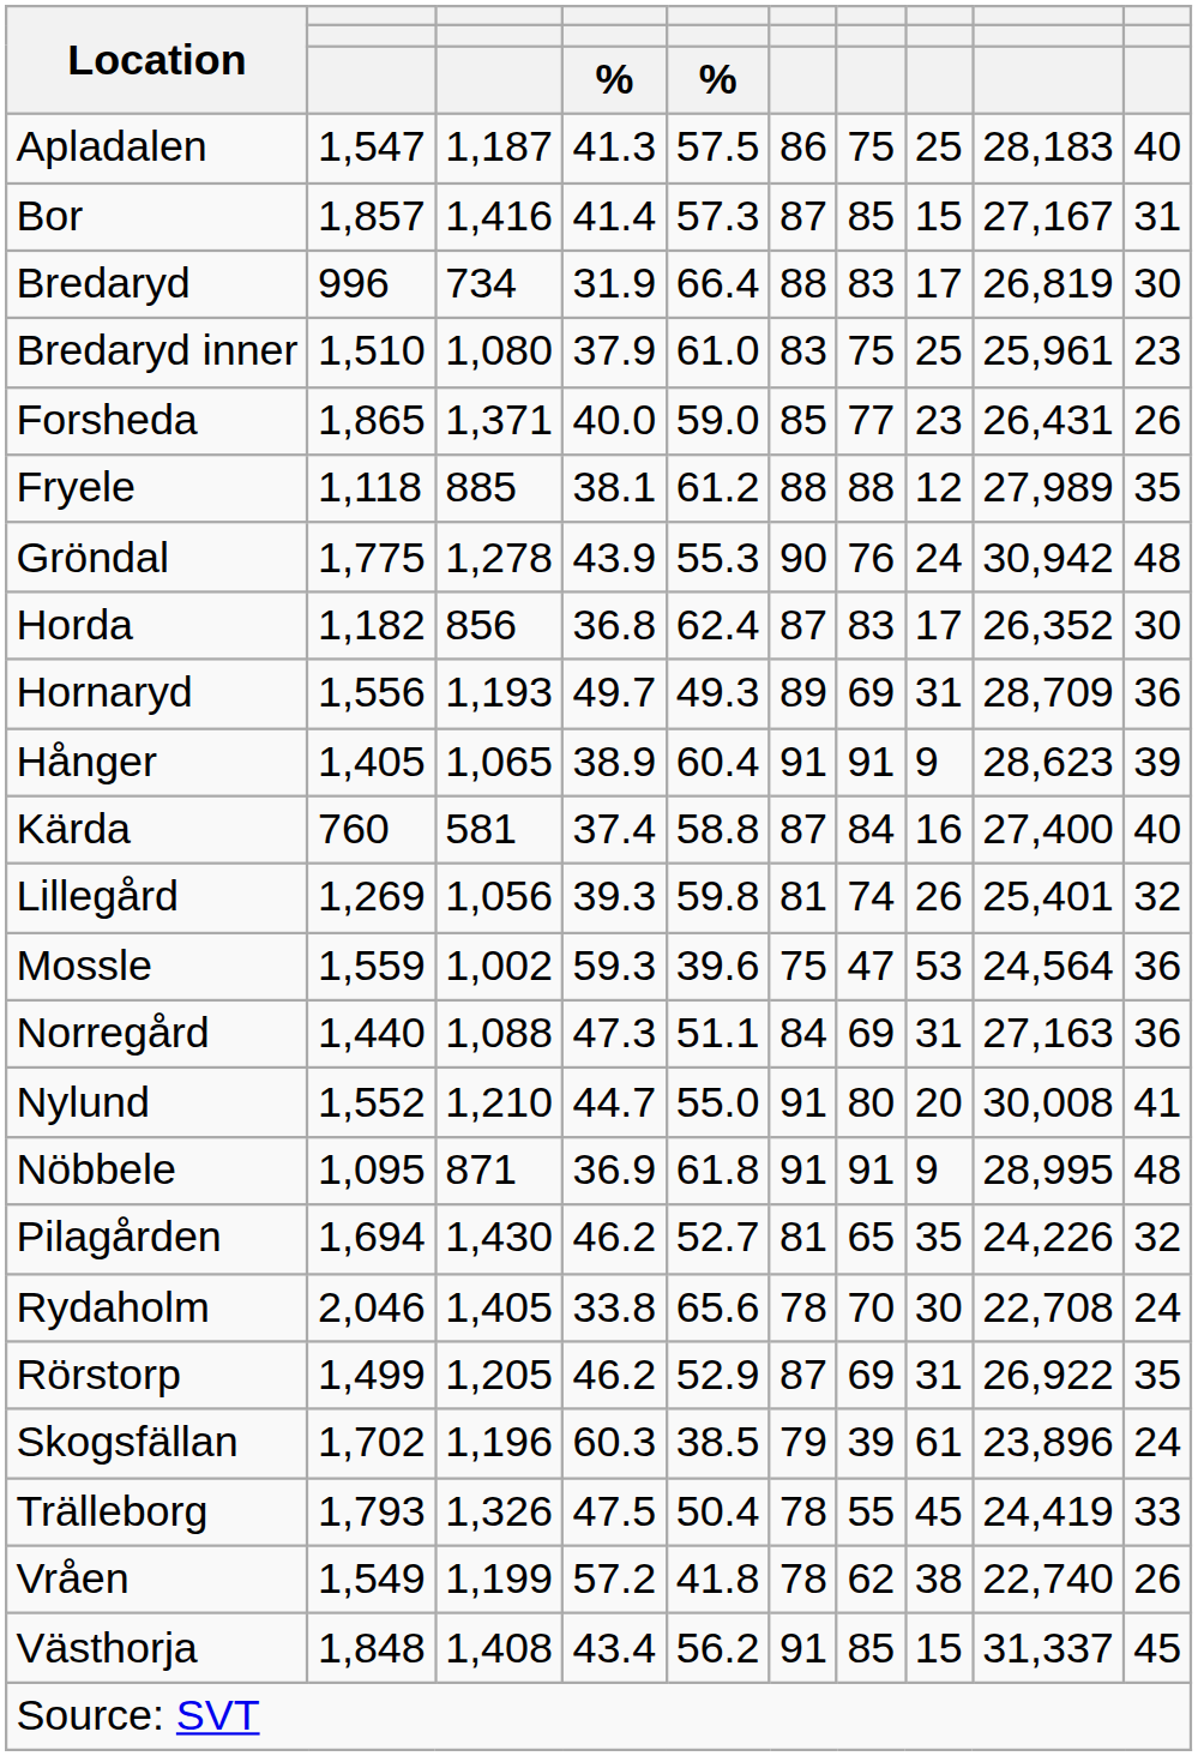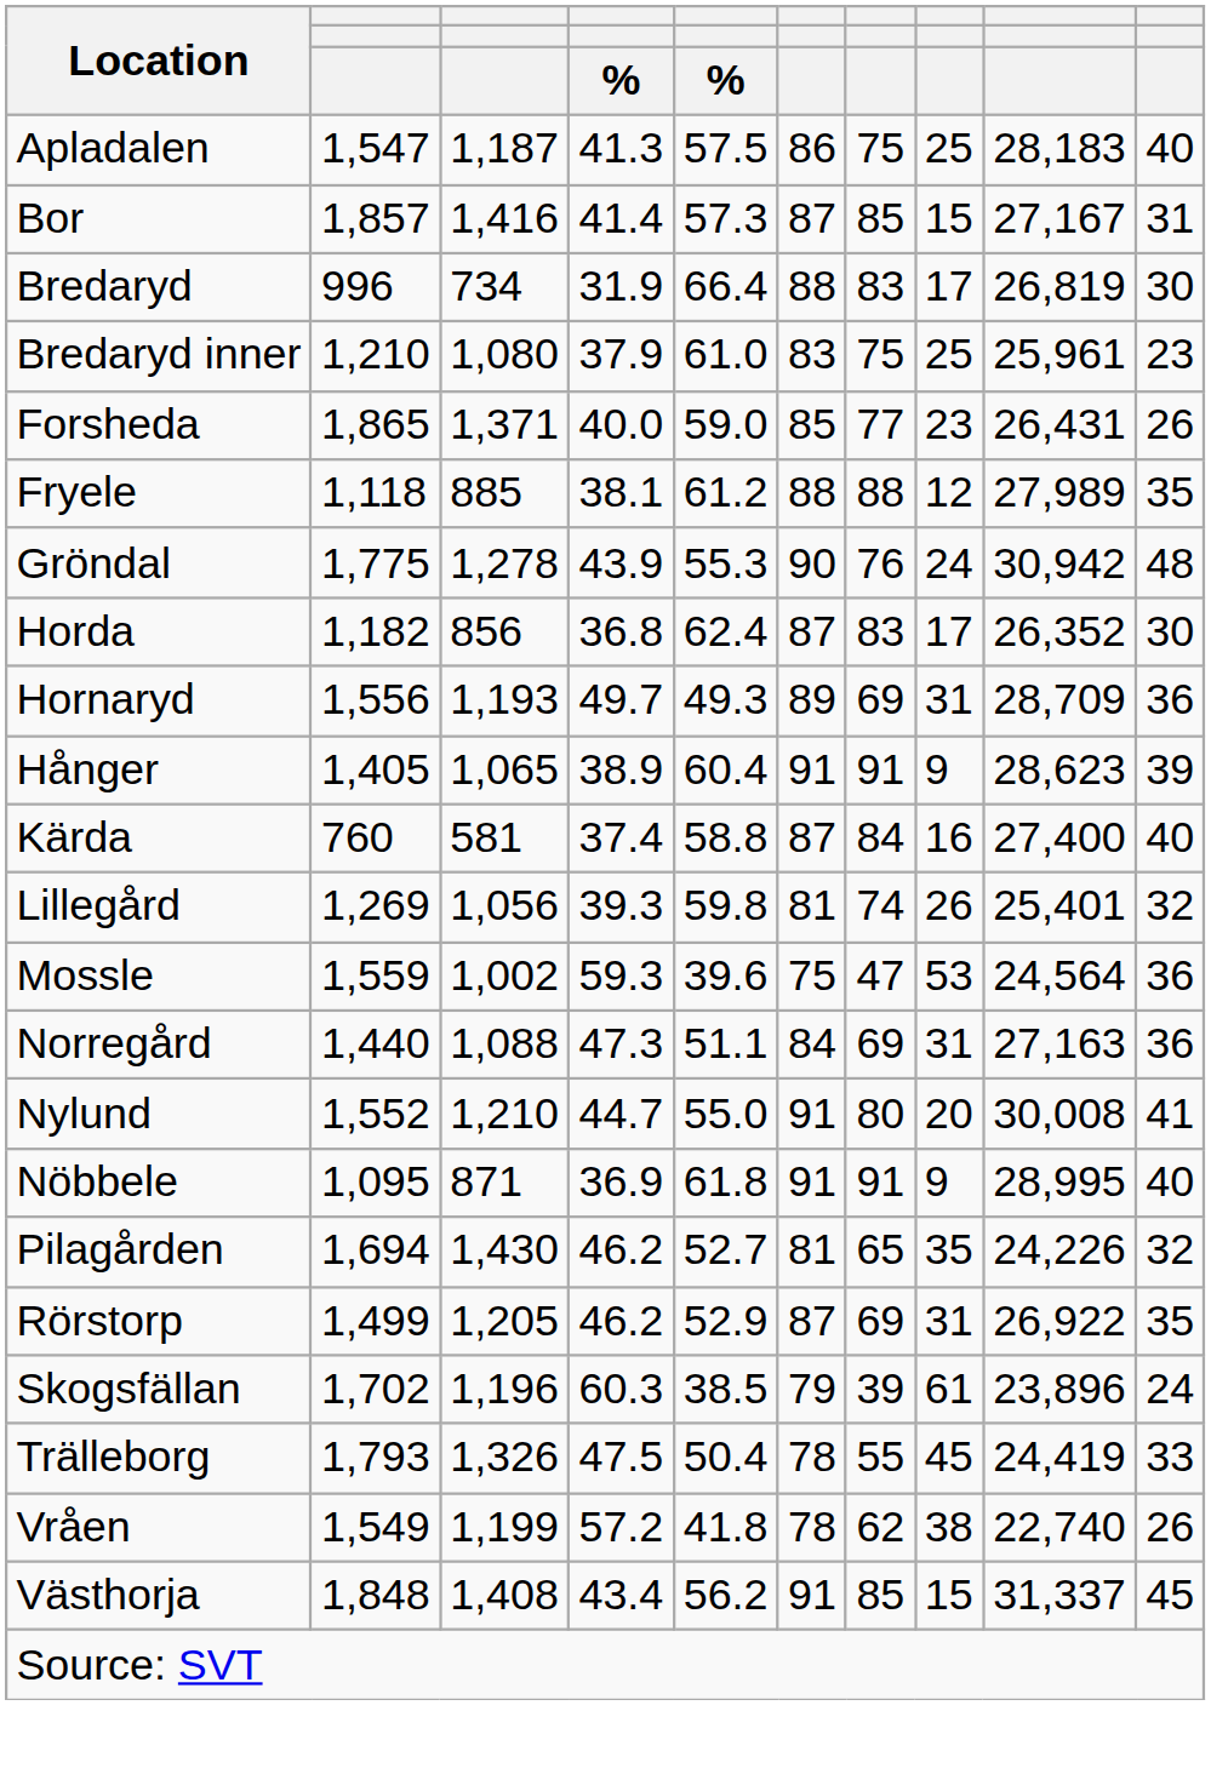 <table role="presentation" class="wikitable sortable mw-collapsible mw-collapsed">
 <tr>
 <th rowspan="3">Location</th>
 <th></th>
 <th></th>
 <th></th>
 <th></th>
 <th></th>
 <th></th>
 <th></th>
 <th></th>
 <th></th>
 </tr>
 <tr>
 <th></th>
 <th></th>
 <th style="background:"></th>
 <th style="background:"></th>
 <th></th>
 <th></th>
 <th></th>
 <th></th>
 <th></th>
 </tr>
 <tr>
 <th data-sort-type="number"></th>
 <th data-sort-type="number"></th>
 <th data-sort-type="number">%</th>
 <th data-sort-type="number">%</th>
 <th data-sort-type="number"></th>
 <th data-sort-type="number"></th>
 <th data-sort-type="number"></th>
 <th data-sort-type="number"></th>
 <th data-sort-type="number"></th>
 </tr>
 <tr>
 <td align="left">Apladalen</td>
 <td>1,547</td>
 <td>1,187</td>
 <td>41.3</td>
 <td>57.5</td>
 <td>86</td>
 <td>75</td>
 <td>25</td>
 <td>28,183</td>
 <td>40</td>
 </tr>
 <tr>
 <td align="left">Bor</td>
 <td>1,857</td>
 <td>1,416</td>
 <td>41.4</td>
 <td>57.3</td>
 <td>87</td>
 <td>85</td>
 <td>15</td>
 <td>27,167</td>
 <td>31</td>
 </tr>
 <tr>
 <td align="left">Bredaryd</td>
 <td>996</td>
 <td>734</td>
 <td>31.9</td>
 <td>66.4</td>
 <td>88</td>
 <td>83</td>
 <td>17</td>
 <td>26,819</td>
 <td>30</td>
 </tr>
 <tr>
 <td align="left">Bredaryd inner</td>
-<td>1,510</td>
+<td>1,210</td>
 <td>1,080</td>
 <td>37.9</td>
 <td>61.0</td>
 <td>83</td>
 <td>75</td>
 <td>25</td>
 <td>25,961</td>
 <td>23</td>
 </tr>
 <tr>
 <td align="left">Forsheda</td>
 <td>1,865</td>
 <td>1,371</td>
 <td>40.0</td>
 <td>59.0</td>
 <td>85</td>
 <td>77</td>
 <td>23</td>
 <td>26,431</td>
 <td>26</td>
 </tr>
 <tr>
 <td align="left">Fryele</td>
 <td>1,118</td>
 <td>885</td>
 <td>38.1</td>
 <td>61.2</td>
 <td>88</td>
 <td>88</td>
 <td>12</td>
 <td>27,989</td>
 <td>35</td>
 </tr>
 <tr>
 <td align="left">Gröndal</td>
 <td>1,775</td>
 <td>1,278</td>
 <td>43.9</td>
 <td>55.3</td>
 <td>90</td>
 <td>76</td>
 <td>24</td>
 <td>30,942</td>
 <td>48</td>
 </tr>
 <tr>
 <td align="left">Horda</td>
 <td>1,182</td>
 <td>856</td>
 <td>36.8</td>
 <td>62.4</td>
 <td>87</td>
 <td>83</td>
 <td>17</td>
 <td>26,352</td>
 <td>30</td>
 </tr>
 <tr>
 <td align="left">Hornaryd</td>
 <td>1,556</td>
 <td>1,193</td>
 <td>49.7</td>
 <td>49.3</td>
 <td>89</td>
 <td>69</td>
 <td>31</td>
 <td>28,709</td>
 <td>36</td>
 </tr>
 <tr>
 <td align="left">Hånger</td>
 <td>1,405</td>
 <td>1,065</td>
 <td>38.9</td>
 <td>60.4</td>
 <td>91</td>
 <td>91</td>
 <td>9</td>
 <td>28,623</td>
 <td>39</td>
 </tr>
 <tr>
 <td align="left">Kärda</td>
 <td>760</td>
 <td>581</td>
 <td>37.4</td>
 <td>58.8</td>
 <td>87</td>
 <td>84</td>
 <td>16</td>
 <td>27,400</td>
 <td>40</td>
 </tr>
 <tr>
 <td align="left">Lillegård</td>
 <td>1,269</td>
 <td>1,056</td>
 <td>39.3</td>
 <td>59.8</td>
 <td>81</td>
 <td>74</td>
 <td>26</td>
 <td>25,401</td>
 <td>32</td>
 </tr>
 <tr>
 <td align="left">Mossle</td>
 <td>1,559</td>
 <td>1,002</td>
 <td>59.3</td>
 <td>39.6</td>
 <td>75</td>
 <td>47</td>
 <td>53</td>
 <td>24,564</td>
 <td>36</td>
 </tr>
 <tr>
 <td align="left">Norregård</td>
 <td>1,440</td>
 <td>1,088</td>
 <td>47.3</td>
 <td>51.1</td>
 <td>84</td>
 <td>69</td>
 <td>31</td>
 <td>27,163</td>
 <td>36</td>
 </tr>
 <tr>
 <td align="left">Nylund</td>
 <td>1,552</td>
 <td>1,210</td>
 <td>44.7</td>
 <td>55.0</td>
 <td>91</td>
 <td>80</td>
 <td>20</td>
 <td>30,008</td>
 <td>41</td>
 </tr>
 <tr>
 <td align="left">Nöbbele</td>
 <td>1,095</td>
 <td>871</td>
 <td>36.9</td>
 <td>61.8</td>
 <td>91</td>
 <td>91</td>
 <td>9</td>
 <td>28,995</td>
-<td>48</td>
+<td>40</td>
 </tr>
 <tr>
 <td align="left">Pilagården</td>
 <td>1,694</td>
 <td>1,430</td>
 <td>46.2</td>
 <td>52.7</td>
 <td>81</td>
 <td>65</td>
 <td>35</td>
 <td>24,226</td>
 <td>32</td>
-</tr>
-<tr>
-<td align="left">Rydaholm</td>
-<td>2,046</td>
-<td>1,405</td>
-<td>33.8</td>
-<td>65.6</td>
-<td>78</td>
-<td>70</td>
-<td>30</td>
-<td>22,708</td>
-<td>24</td>
 </tr>
 <tr>
 <td align="left">Rörstorp</td>
 <td>1,499</td>
 <td>1,205</td>
 <td>46.2</td>
 <td>52.9</td>
 <td>87</td>
 <td>69</td>
 <td>31</td>
 <td>26,922</td>
 <td>35</td>
 </tr>
 <tr>
 <td align="left">Skogsfällan</td>
 <td>1,702</td>
 <td>1,196</td>
 <td>60.3</td>
 <td>38.5</td>
 <td>79</td>
 <td>39</td>
 <td>61</td>
 <td>23,896</td>
 <td>24</td>
 </tr>
 <tr>
 <td align="left">Trälleborg</td>
 <td>1,793</td>
 <td>1,326</td>
 <td>47.5</td>
 <td>50.4</td>
 <td>78</td>
 <td>55</td>
 <td>45</td>
 <td>24,419</td>
 <td>33</td>
 </tr>
 <tr>
 <td align="left">Vråen</td>
 <td>1,549</td>
 <td>1,199</td>
 <td>57.2</td>
 <td>41.8</td>
 <td>78</td>
 <td>62</td>
 <td>38</td>
 <td>22,740</td>
 <td>26</td>
 </tr>
 <tr>
 <td align="left">Västhorja</td>
 <td>1,848</td>
 <td>1,408</td>
 <td>43.4</td>
 <td>56.2</td>
 <td>91</td>
 <td>85</td>
 <td>15</td>
 <td>31,337</td>
 <td>45</td>
 </tr>
 <tr>
 <td colspan="10" align="left">Source: <a href='#'>SVT</a></td>
 </tr>
 </table>
